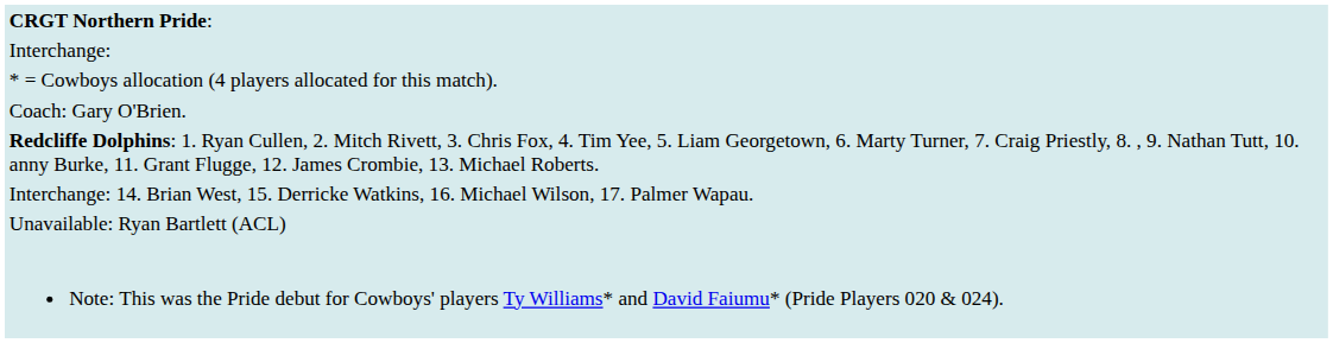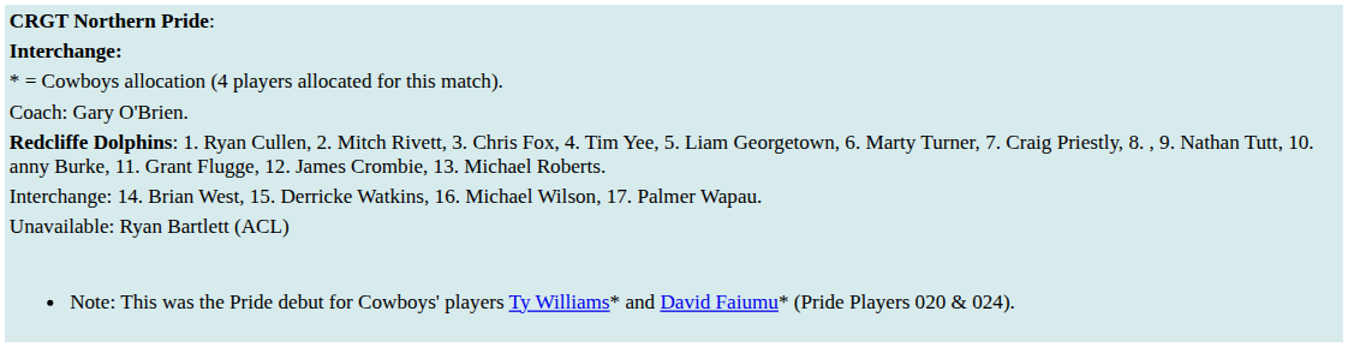 <table style="background:#d7ebed; font-size:85%; width:100%;">
 <tr>
 <td><strong>CRGT Northern Pride</strong>:             </td>
 </tr>
 <tr>
-<td>Interchange:    </td>
+<td><strong>Interchange:    </strong></td>
 </tr>
 <tr>
 <td>* = Cowboys allocation (4 players allocated for this match).</td>
 </tr>
 <tr>
 <td>Coach: Gary O'Brien.</td>
 </tr>
 <tr>
 <td><strong>Redcliffe Dolphins</strong>: 1. Ryan Cullen, 2. Mitch Rivett, 3. Chris Fox, 4. Tim Yee, 5. Liam Georgetown, 6. Marty Turner, 7. Craig Priestly, 8. , 9. Nathan Tutt, 10. anny Burke, 11. Grant Flugge, 12. James Crombie, 13. Michael Roberts.</td>
 </tr>
 <tr>
 <td>Interchange: 14. Brian West, 15. Derricke Watkins, 16. Michael Wilson, 17. Palmer Wapau.</td>
 </tr>
 <tr>
 <td>Unavailable: Ryan Bartlett (ACL)</td>
 </tr>
 <tr>
 <td><br><ul><li>Note: This was the Pride debut for Cowboys' players <a href='#'>Ty Williams</a>* and <a href='#'>David Faiumu</a>* (Pride Players 020 & 024).</li></ul></td>
 </tr>
 <tr>
 </tr>
 </table>
